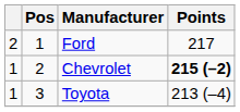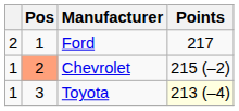 <table class="wikitable" style="font-size: 95%">
 <tr>
 <th></th>
 <th>Pos</th>
 <th>Manufacturer</th>
 <th>Points</th>
 </tr>
 <tr>
 <td align="left"> 2</td>
 <td style="text-align:center;">1</td>
 <td><a href='#'>Ford</a></td>
 <td style="text-align:center;">217</td>
 </tr>
 <tr>
 <td align="left"> 1</td>
-<td style="text-align:center;">2</td>
+<td style="background: lightsalmon; text-align:center;">2</td>
 <td><a href='#'>Chevrolet</a></td>
-<td style="text-align:center;"><strong>215 (–2)</strong></td>
+<td style="text-align:center;">215 (–2)</td>
 </tr>
 <tr>
 <td align="left"> 1</td>
 <td style="text-align:center;">3</td>
 <td><a href='#'>Toyota</a></td>
-<td style="text-align:center;">213 (–4)</td>
+<td style="background: lightyellow; text-align:center;">213 (–4)</td>
 </tr>
 <tr class="sortbottom">
 </tr>
 </table>
